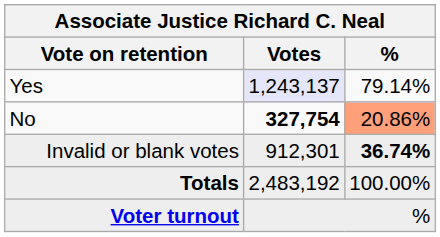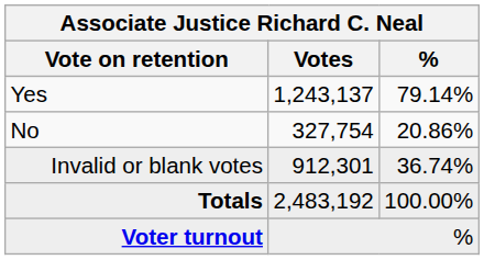 <table class="wikitable" style="font-size: 95%;">
 <tr style="background-color:#E9E9E9">
 <th colspan=7>Associate Justice Richard C. Neal</th>
 </tr>
 <tr style="background-color:#E9E9E9">
 <th style="width: 170px">Vote on retention</th>
 <th style="width: 50px">Votes</th>
 <th style="width: 40px">%</th>
 </tr>
 <tr>
 <td>Yes</td>
-<td align="right" style="background: lavender;">1,243,137</td>
+<td align="right">1,243,137</td>
 <td align="right">79.14%</td>
 </tr>
 <tr>
 <td>No</td>
-<td align="right"><strong>327,754</strong></td>
-<td align="right" style="background: lightsalmon;">20.86%</td>
+<td align="right">327,754</td>
+<td align="right">20.86%</td>
 </tr>
 <tr style="background-color:#EEEEEE">
 <td align="right">Invalid or blank votes</td>
 <td align="right">912,301</td>
-<td align="right"><strong>36.74%</strong></td>
+<td align="right">36.74%</td>
 </tr>
 <tr style="background-color:#EEEEEE">
 <td colspan="1" align="right"><strong>Totals</strong></td>
 <td align="right">2,483,192</td>
 <td align="right">100.00%</td>
 </tr>
 <tr style="background-color:#EEEEEE">
 <td align="right"><strong><a href='#'>Voter turnout</a></strong></td>
 <td colspan="2" align="right">%</td>
 </tr>
 </table>
